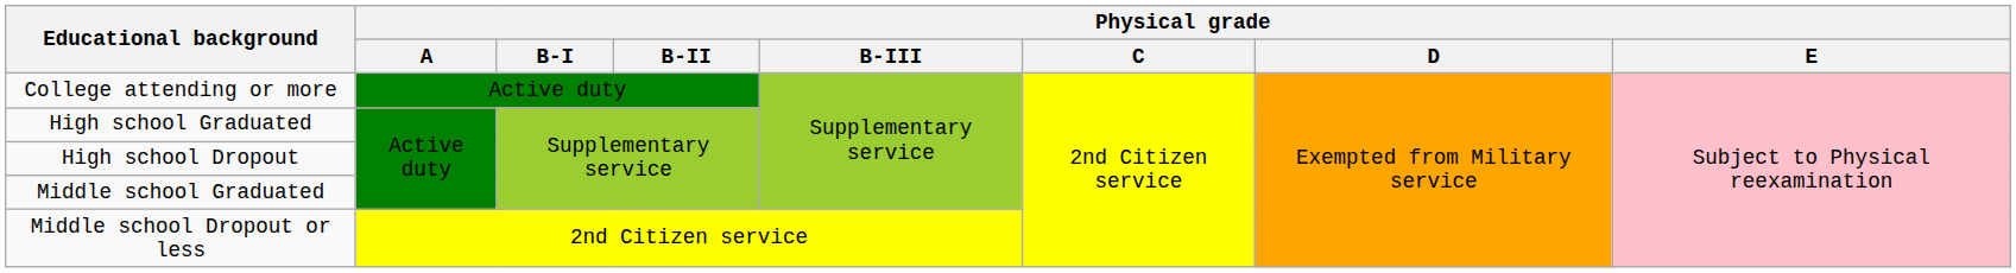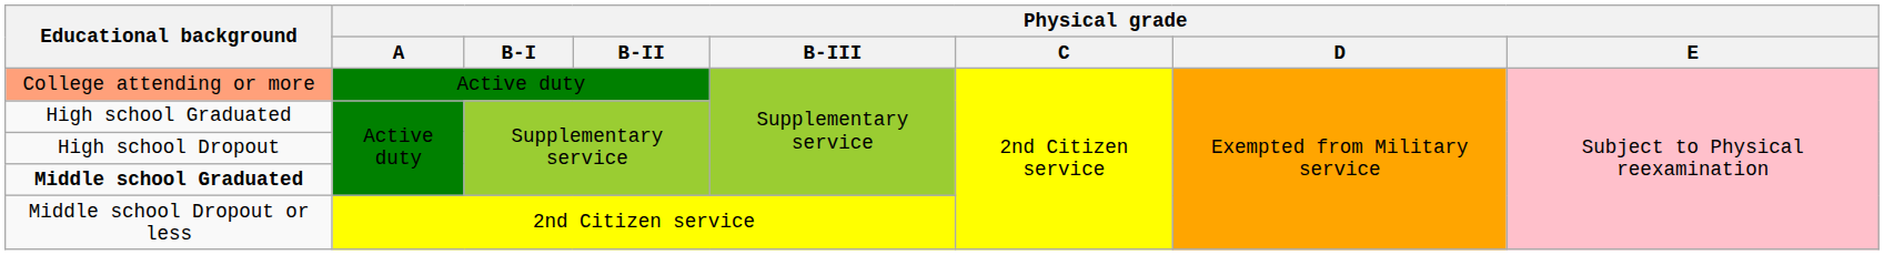 <table class="wikitable">
 <tr>
 <th rowspan="2">Educational background</th>
 <th colspan="7">Physical grade</th>
 </tr>
 <tr>
 <th>A</th>
 <th>B-I</th>
 <th>B-II</th>
 <th>B-III</th>
 <th>C</th>
 <th>D</th>
 <th>E</th>
 </tr>
 <tr>
-<td div style="text-align:center">College attending or more</td>
+<td div style="background: lightsalmon; text-align:center">College attending or more</td>
 <td colspan="3" div style="background:green; text-align:center;">Active duty</td>
 <td rowspan="4" div style="background:yellowgreen; text-align:center;">Supplementary service</td>
 <td style="text-align:center; background:yellow;" rowspan="5" div>2nd Citizen service</td>
 <td rowspan="5" div style="background:orange; text-align:center;">Exempted from Military service</td>
 <td rowspan="5" div style="background:pink; text-align:center;">Subject to Physical reexamination</td>
 </tr>
 <tr>
 <td div style="text-align:center">High school Graduated</td>
 <td rowspan="3" div style="background:green; text-align:center;">Active duty</td>
 <td colspan="2" rowspan="3" div style="background:yellowgreen; text-align:center;">Supplementary service</td>
 </tr>
 <tr>
 <td div style="text-align:center">High school Dropout</td>
 </tr>
 <tr>
-<td div style="text-align:center">Middle school Graduated</td>
+<td div style="text-align:center"><strong>Middle school Graduated</strong></td>
 </tr>
 <tr>
 <td div style="text-align:center">Middle school Dropout or less</td>
 <td style="text-align:center; background:yellow;" colspan="4" div>2nd Citizen service</td>
 </tr>
 </table>
